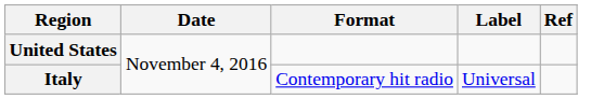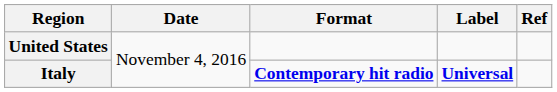 <table class="wikitable plainrowheaders">
 <tr>
 <th scope="col">Region</th>
 <th scope="col">Date</th>
 <th scope="col">Format</th>
 <th scope="col">Label</th>
 <th scope="col">Ref</th>
 </tr>
 <tr>
 <th scope="row">United States</th>
 <td rowspan="2">November 4, 2016</td>
 <td></td>
 <td></td>
 <td></td>
 </tr>
 <tr>
 <th scope="row">Italy</th>
-<td><a href='#'>Contemporary hit radio</a></td>
-<td><a href='#'>Universal</a></td>
+<td><strong><a href='#'>Contemporary hit radio</a></strong></td>
+<td><strong><a href='#'>Universal</a></strong></td>
 <td></td>
 </tr>
 </table>
